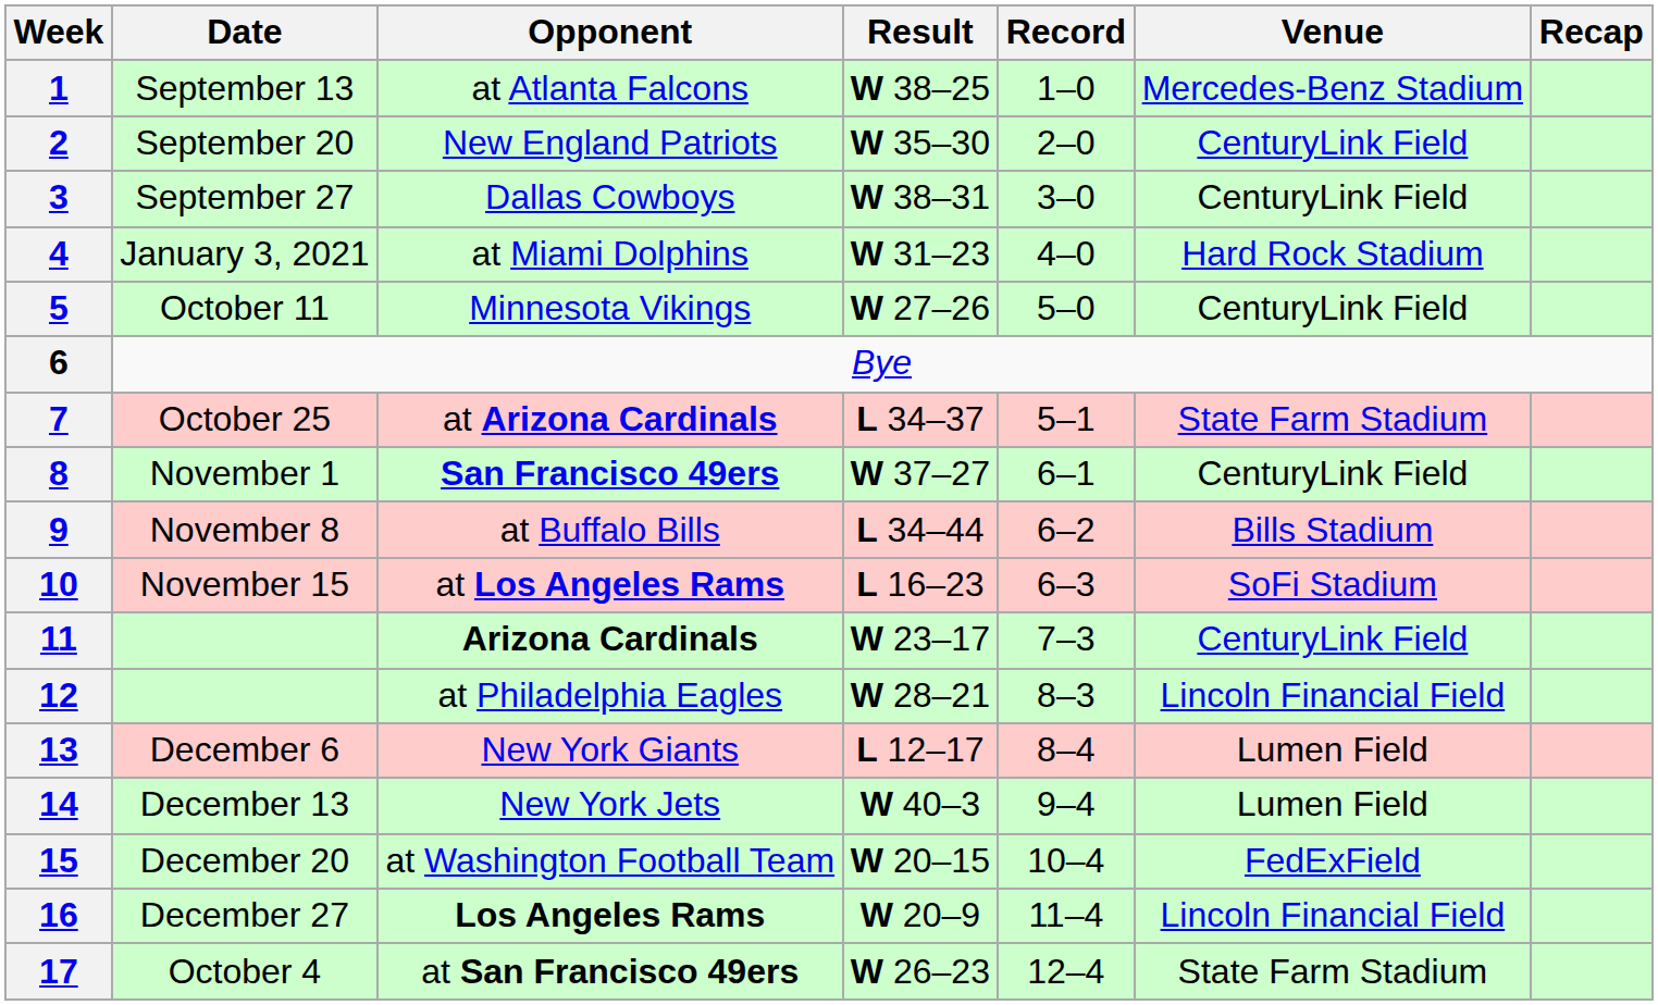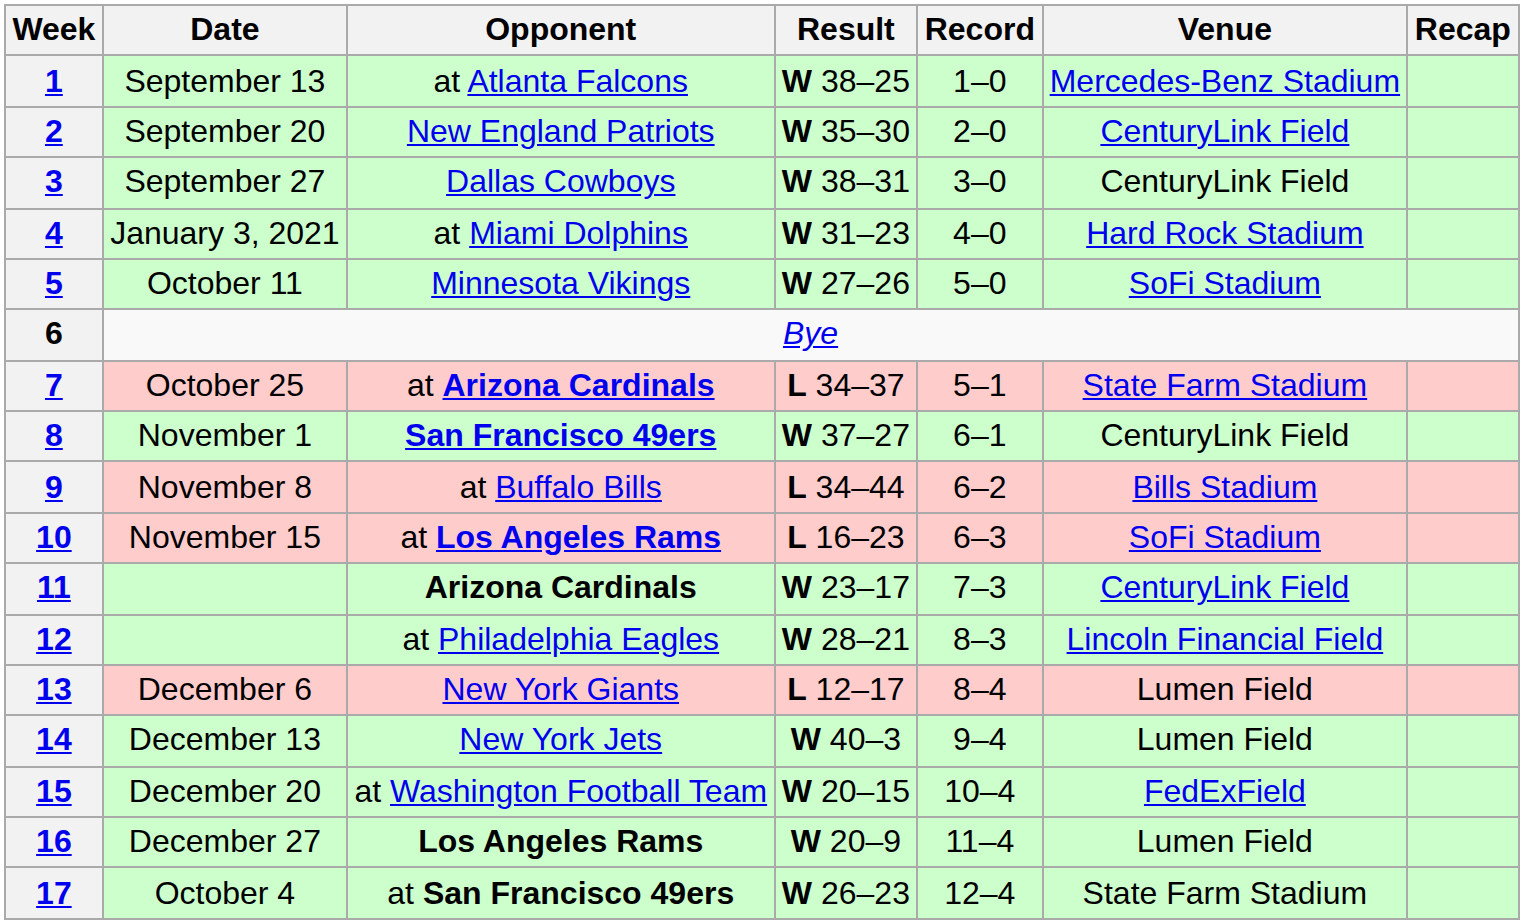 <table class="wikitable" style="text-align:center">
 <tr>
 <th>Week</th>
 <th>Date</th>
 <th>Opponent</th>
 <th>Result</th>
 <th>Record</th>
 <th>Venue</th>
 <th>Recap</th>
 </tr>
 <tr style="background:#cfc">
 <th><a href='#'>1</a></th>
 <td>September 13</td>
 <td>at <a href='#'>Atlanta Falcons</a></td>
 <td><strong>W</strong> 38–25</td>
 <td>1–0</td>
 <td><a href='#'>Mercedes-Benz Stadium</a></td>
 <td></td>
 </tr>
 <tr style="background:#cfc">
 <th><a href='#'>2</a></th>
 <td>September 20</td>
 <td><a href='#'>New England Patriots</a></td>
 <td><strong>W</strong> 35–30</td>
 <td>2–0</td>
 <td><a href='#'>CenturyLink Field</a></td>
 <td></td>
 </tr>
 <tr style="background:#cfc">
 <th><a href='#'>3</a></th>
 <td>September 27</td>
 <td><a href='#'>Dallas Cowboys</a></td>
 <td><strong>W</strong> 38–31</td>
 <td>3–0</td>
 <td>CenturyLink Field</td>
 <td></td>
 </tr>
 <tr style="background:#cfc">
 <th><a href='#'>4</a></th>
 <td>January 3, 2021</td>
 <td>at <a href='#'>Miami Dolphins</a></td>
 <td><strong>W</strong> 31–23</td>
 <td>4–0</td>
 <td><a href='#'>Hard Rock Stadium</a></td>
 <td></td>
 </tr>
 <tr style="background:#cfc">
 <th><a href='#'>5</a></th>
 <td>October 11</td>
 <td><a href='#'>Minnesota Vikings</a></td>
 <td><strong>W</strong> 27–26</td>
 <td>5–0</td>
-<td>CenturyLink Field</td>
+<td><a href='#'>SoFi Stadium</a></td>
 <td></td>
 </tr>
 <tr>
 <th>6</th>
 <td colspan="6"><em><a href='#'>Bye</a></em></td>
 </tr>
 <tr style="background:#fcc">
 <th><a href='#'>7</a></th>
 <td>October 25</td>
 <td>at <strong><a href='#'>Arizona Cardinals</a></strong></td>
 <td><strong>L</strong> 34–37 </td>
 <td>5–1</td>
 <td><a href='#'>State Farm Stadium</a></td>
 <td></td>
 </tr>
 <tr style="background:#cfc">
 <th><a href='#'>8</a></th>
 <td>November 1</td>
 <td><strong><a href='#'>San Francisco 49ers</a></strong></td>
 <td><strong>W</strong> 37–27</td>
 <td>6–1</td>
 <td>CenturyLink Field</td>
 <td></td>
 </tr>
 <tr style="background:#fcc">
 <th><a href='#'>9</a></th>
 <td>November 8</td>
 <td>at <a href='#'>Buffalo Bills</a></td>
 <td><strong>L</strong> 34–44</td>
 <td>6–2</td>
 <td><a href='#'>Bills Stadium</a></td>
 <td></td>
 </tr>
 <tr style="background:#fcc">
 <th><a href='#'>10</a></th>
 <td>November 15</td>
 <td>at <strong><a href='#'>Los Angeles Rams</a></strong></td>
 <td><strong>L</strong> 16–23</td>
 <td>6–3</td>
 <td><a href='#'>SoFi Stadium</a></td>
 <td></td>
 </tr>
 <tr style="background:#cfc">
 <th><a href='#'>11</a></th>
 <td></td>
 <td><strong>Arizona Cardinals</strong></td>
 <td><strong>W</strong> 23–17</td>
 <td>7–3</td>
 <td><a href='#'>CenturyLink Field</a></td>
 <td></td>
 </tr>
 <tr style="background:#cfc">
 <th><a href='#'>12</a></th>
 <td></td>
 <td>at <a href='#'>Philadelphia Eagles</a></td>
 <td><strong>W</strong> 28–21</td>
 <td>8–3</td>
 <td><a href='#'>Lincoln Financial Field</a></td>
 <td></td>
 </tr>
 <tr style="background:#fcc">
 <th><a href='#'>13</a></th>
 <td>December 6</td>
 <td><a href='#'>New York Giants</a></td>
 <td><strong>L</strong> 12–17</td>
 <td>8–4</td>
 <td>Lumen Field</td>
 <td></td>
 </tr>
 <tr style="background:#cfc">
 <th><a href='#'>14</a></th>
 <td>December 13</td>
 <td><a href='#'>New York Jets</a></td>
 <td><strong>W</strong> 40–3</td>
 <td>9–4</td>
 <td>Lumen Field</td>
 <td></td>
 </tr>
 <tr style="background:#cfc">
 <th><a href='#'>15</a></th>
 <td>December 20</td>
 <td>at <a href='#'>Washington Football Team</a></td>
 <td><strong>W</strong> 20–15</td>
 <td>10–4</td>
 <td><a href='#'>FedExField</a></td>
 <td></td>
 </tr>
 <tr style="background:#cfc">
 <th><a href='#'>16</a></th>
 <td>December 27</td>
 <td><strong>Los Angeles Rams</strong></td>
 <td><strong>W</strong> 20–9</td>
 <td>11–4</td>
-<td><a href='#'>Lincoln Financial Field</a></td>
+<td>Lumen Field</td>
 <td></td>
 </tr>
 <tr style="background:#cfc">
 <th><a href='#'>17</a></th>
 <td>October 4</td>
 <td>at <strong>San Francisco 49ers</strong></td>
 <td><strong>W</strong> 26–23</td>
 <td>12–4</td>
 <td>State Farm Stadium</td>
 <td></td>
 </tr>
 </table>
